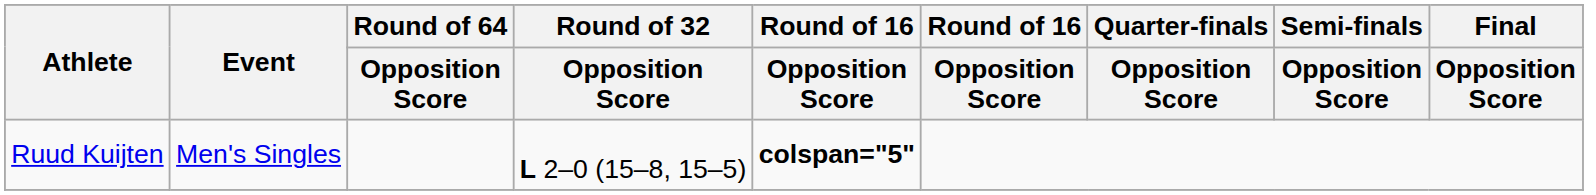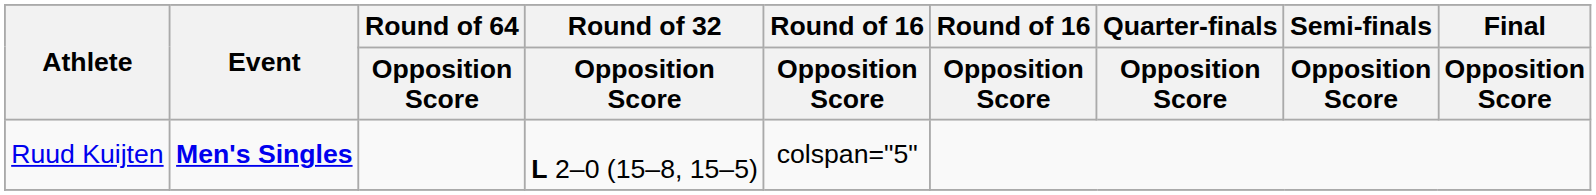 <table class=wikitable style="font-size:90%; text-align:center">
 <tr>
 <th rowspan="2">Athlete</th>
 <th rowspan="2">Event</th>
 <th>Round of 64</th>
 <th>Round of 32</th>
 <th>Round of 16</th>
 <th>Round of 16</th>
 <th>Quarter-finals</th>
 <th>Semi-finals</th>
 <th>Final</th>
 </tr>
 <tr>
 <th>Opposition<br>Score</th>
 <th>Opposition<br>Score</th>
 <th>Opposition<br>Score</th>
 <th>Opposition<br>Score</th>
 <th>Opposition<br>Score</th>
 <th>Opposition<br>Score</th>
 <th>Opposition<br>Score</th>
 </tr>
 <tr>
 <td align=left><a href='#'>Ruud Kuijten</a></td>
-<td align=left><a href='#'>Men's Singles</a></td>
+<td align=left><strong><a href='#'>Men's Singles</a></strong></td>
 <td></td>
 <td> <br><strong>L</strong> 2–0 (15–8, 15–5)</td>
-<td><strong>colspan="5" </strong></td>
+<td>colspan="5" </td>
 </tr>
 </table>
